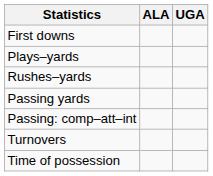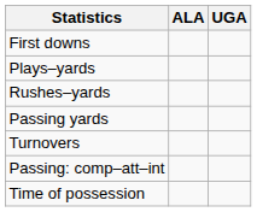 <table class="wikitable" style="float:left">
 <tr>
 <th>Statistics</th>
 <th>ALA</th>
 <th>UGA</th>
 </tr>
 <tr>
 <td>First downs</td>
 <td></td>
 <td></td>
 </tr>
 <tr>
 <td>Plays–yards</td>
 <td></td>
 <td></td>
 </tr>
 <tr>
 <td>Rushes–yards</td>
 <td></td>
 <td></td>
 </tr>
 <tr>
 <td>Passing yards</td>
 <td></td>
 <td></td>
 </tr>
 <tr>
-<td>Passing: comp–att–int</td>
+<td>Turnovers</td>
 <td></td>
 <td></td>
 </tr>
 <tr>
-<td>Turnovers</td>
+<td>Passing: comp–att–int</td>
 <td></td>
 <td></td>
 </tr>
 <tr>
 <td>Time of possession</td>
 <td></td>
 <td></td>
 </tr>
 </table>
